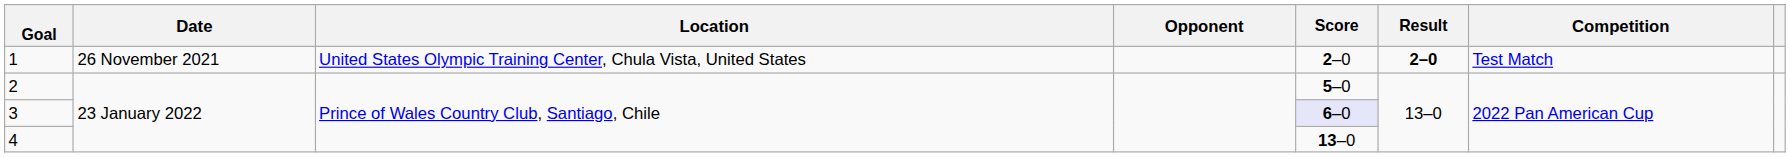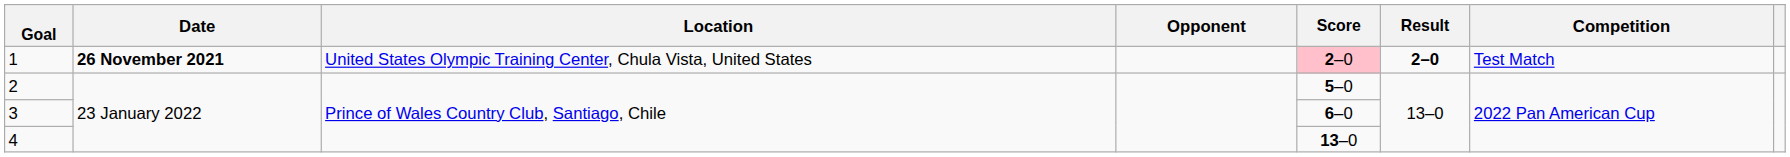 <table class="wikitable sortable" style="font-size:90%" width=97%>
 <tr>
 <th style="font-size:95%;" data-sort-type=number><br>Goal</th>
 <th align=center>Date</th>
 <th>Location</th>
 <th width=150>Opponent</th>
 <th data-sort-type="number" style="font-size:95%">Score</th>
 <th data-sort-type="number" style="font-size:95%">Result</th>
 <th>Competition</th>
 <th></th>
 </tr>
 <tr>
 <td>1</td>
-<td>26 November 2021</td>
+<td><strong>26 November 2021</strong></td>
 <td><a href='#'>United States Olympic Training Center</a>, Chula Vista, United States</td>
 <td></td>
-<td align="center"><strong>2</strong>–0</td>
+<td align="center" style="background: pink;"><strong>2</strong>–0</td>
 <td align="center"><strong>2–0</strong></td>
 <td><a href='#'>Test Match</a></td>
 <td></td>
 </tr>
 <tr>
 <td>2</td>
 <td rowspan=3>23 January 2022</td>
 <td rowspan=3><a href='#'>Prince of Wales Country Club</a>, <a href='#'>Santiago</a>, Chile</td>
 <td rowspan=3></td>
 <td align="center"><strong>5</strong>–0</td>
 <td rowspan=3; align="center">13–0</td>
 <td rowspan=3><a href='#'>2022 Pan American Cup</a></td>
 <td rowspan=3></td>
 </tr>
 <tr>
 <td>3</td>
-<td align="center" style="background: lavender;"><strong>6</strong>–0</td>
+<td align="center"><strong>6</strong>–0</td>
 </tr>
 <tr>
 <td>4</td>
 <td align="center"><strong>13</strong>–0</td>
 </tr>
 </table>
